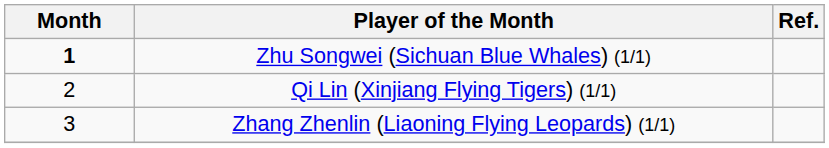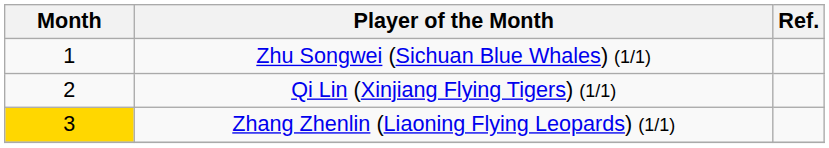 <table class="wikitable sortable" style="text-align:left">
 <tr>
 <th width=16%>Month</th>
 <th width=80%>Player of the Month</th>
 <th class=unsortable>Ref.</th>
 </tr>
 <tr>
-<td align=center><strong>1</strong></td>
+<td align=center>1</td>
 <td align=center> <a href='#'>Zhu Songwei</a> (<a href='#'>Sichuan Blue Whales</a>) <small>(1/1)</small></td>
 <td align=center></td>
 </tr>
 <tr>
 <td align=center>2</td>
 <td align=center> <a href='#'>Qi Lin</a> (<a href='#'>Xinjiang Flying Tigers</a>) <small>(1/1)</small></td>
 <td align=center></td>
 </tr>
 <tr>
-<td align=center>3</td>
+<td align=center style="background: gold;">3</td>
 <td align=center> <a href='#'>Zhang Zhenlin</a> (<a href='#'>Liaoning Flying Leopards</a>) <small>(1/1)</small></td>
 <td align=center></td>
 </tr>
 <tr>
 </tr>
 </table>
